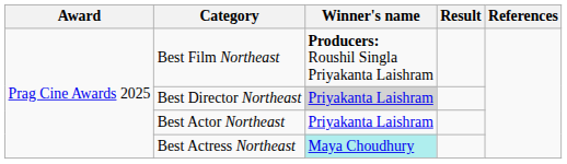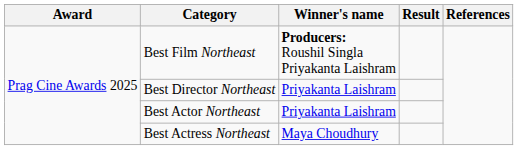 <table class="wikitable sortable">
 <tr>
 <th>Award</th>
 <th>Category</th>
 <th>Winner's name</th>
 <th>Result</th>
 <th>References</th>
 </tr>
 <tr>
 <td rowspan="4"><a href='#'>Prag Cine Awards</a> 2025</td>
 <td>Best Film <em>Northeast</em></td>
 <td><strong>Producers:</strong><br>Roushil Singla<br>Priyakanta Laishram</td>
 <td></td>
 <td rowspan="4"></td>
 </tr>
 <tr>
 <td>Best Director <em>Northeast</em></td>
-<td style="background: lightgrey;"><a href='#'>Priyakanta Laishram</a></td>
+<td><a href='#'>Priyakanta Laishram</a></td>
 <td></td>
 </tr>
 <tr>
 <td>Best Actor <em>Northeast</em></td>
 <td><a href='#'>Priyakanta Laishram</a></td>
 <td></td>
 </tr>
 <tr>
 <td>Best  Actress <em>Northeast</em></td>
-<td style="background: paleturquoise;"><a href='#'>Maya Choudhury</a></td>
+<td><a href='#'>Maya Choudhury</a></td>
 <td></td>
 </tr>
 </table>
